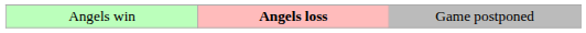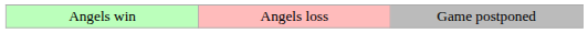 <table class="wikitable" style="margin:0.5em auto; text-align:center;">
 <tr>
 </tr>
 <tr>
 <td bgcolor="bbffbb" width="202px">Angels win</td>
-<td bgcolor="ffbbbb" width="202px"><strong>Angels loss</strong></td>
+<td bgcolor="ffbbbb" width="202px">Angels loss</td>
 <td bgcolor="bbbbbb" width="202px">Game postponed</td>
 </tr>
 </table>
